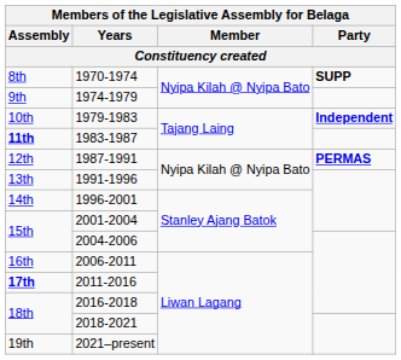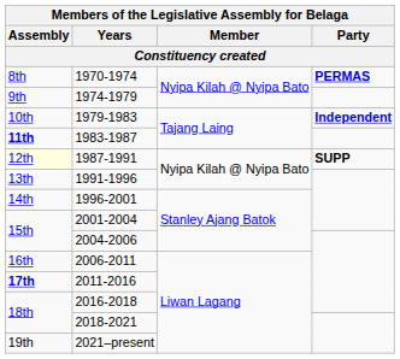 <table class=wikitable>
 <tr>
 <th colspan="4">Members of the Legislative Assembly for Belaga</th>
 </tr>
 <tr>
 <th>Assembly</th>
 <th>Years</th>
 <th>Member</th>
 <th>Party</th>
 </tr>
 <tr>
 <th colspan=4 align=center><em>Constituency created</em></th>
 </tr>
 <tr>
 <td><a href='#'>8th</a></td>
 <td>1970-1974</td>
 <td rowspan=2><a href='#'>Nyipa Kilah @ Nyipa Bato</a></td>
-<td><strong>SUPP</strong></td>
+<td><strong><a href='#'>PERMAS</a></strong></td>
 </tr>
 <tr>
 <td><a href='#'>9th</a></td>
 <td>1974-1979</td>
 <td></td>
 </tr>
 <tr>
 <td><a href='#'>10th</a></td>
 <td>1979-1983</td>
 <td rowspan=2><a href='#'>Tajang Laing</a></td>
 <td><strong><a href='#'>Independent</a></strong></td>
 </tr>
 <tr>
 <td><strong><a href='#'>11th</a></strong></td>
 <td>1983-1987</td>
 <td></td>
 </tr>
 <tr>
-<td><a href='#'>12th</a></td>
+<td style="background: lightyellow;"><a href='#'>12th</a></td>
 <td>1987-1991</td>
 <td rowspan=2>Nyipa Kilah @ Nyipa Bato</td>
-<td><strong><a href='#'>PERMAS</a></strong></td>
+<td><strong>SUPP</strong></td>
 </tr>
 <tr>
 <td><a href='#'>13th</a></td>
 <td>1991-1996</td>
 <td rowspan=3></td>
 </tr>
 <tr>
 <td><a href='#'>14th</a></td>
 <td>1996-2001</td>
 <td rowspan=3><a href='#'>Stanley Ajang Batok</a></td>
 </tr>
 <tr>
 <td rowspan=2><a href='#'>15th</a></td>
 <td>2001-2004</td>
 </tr>
 <tr>
 <td>2004-2006</td>
 <td rowspan=4></td>
 </tr>
 <tr>
 <td><a href='#'>16th</a></td>
 <td>2006-2011</td>
 <td rowspan="5"><a href='#'>Liwan Lagang</a></td>
 </tr>
 <tr>
 <td><strong><a href='#'>17th</a></strong></td>
 <td>2011-2016</td>
 </tr>
 <tr>
 <td rowspan="2"><a href='#'>18th</a></td>
 <td>2016-2018</td>
 </tr>
 <tr>
 <td>2018-2021</td>
 <td rowspan="2"></td>
 </tr>
 <tr>
 <td>19th</td>
 <td>2021–present</td>
 </tr>
 </table>
